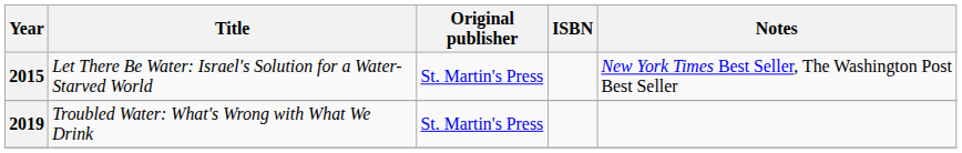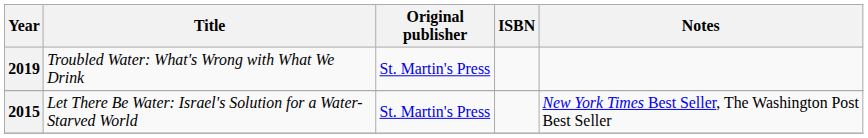 <table class="wikitable plainrowheaders sortable">
 <tr>
 <th scope="col" style="width:2em;">Year</th>
 <th scope="col">Title</th>
 <th scope="col">Original publisher</th>
 <th scope="col">ISBN</th>
 <th scope="col" class="unsortable">Notes</th>
+</tr>
+<tr>
+<th scope="row">2019</th>
+<td><em>Troubled Water: What's Wrong with What We Drink</em></td>
+<td><a href='#'>St. Martin's Press</a></td>
+<td></td>
+<td></td>
+</tr>
+<tr>
 </tr>
 <tr>
 <th scope="row">2015</th>
 <td><em>Let There Be Water: Israel's Solution for a Water-Starved World</em></td>
 <td><a href='#'>St. Martin's Press</a></td>
 <td></td>
 <td><a href='#'><em>New York Times</em> Best Seller</a>, The Washington Post Best Seller</td>
 </tr>
 <tr>
 </tr>
-<tr>
-<th scope="row">2019</th>
-<td><em>Troubled Water: What's Wrong with What We Drink</em></td>
-<td><a href='#'>St. Martin's Press</a></td>
-<td></td>
-<td></td>
-</tr>
-<tr>
-</tr>
 </table>
